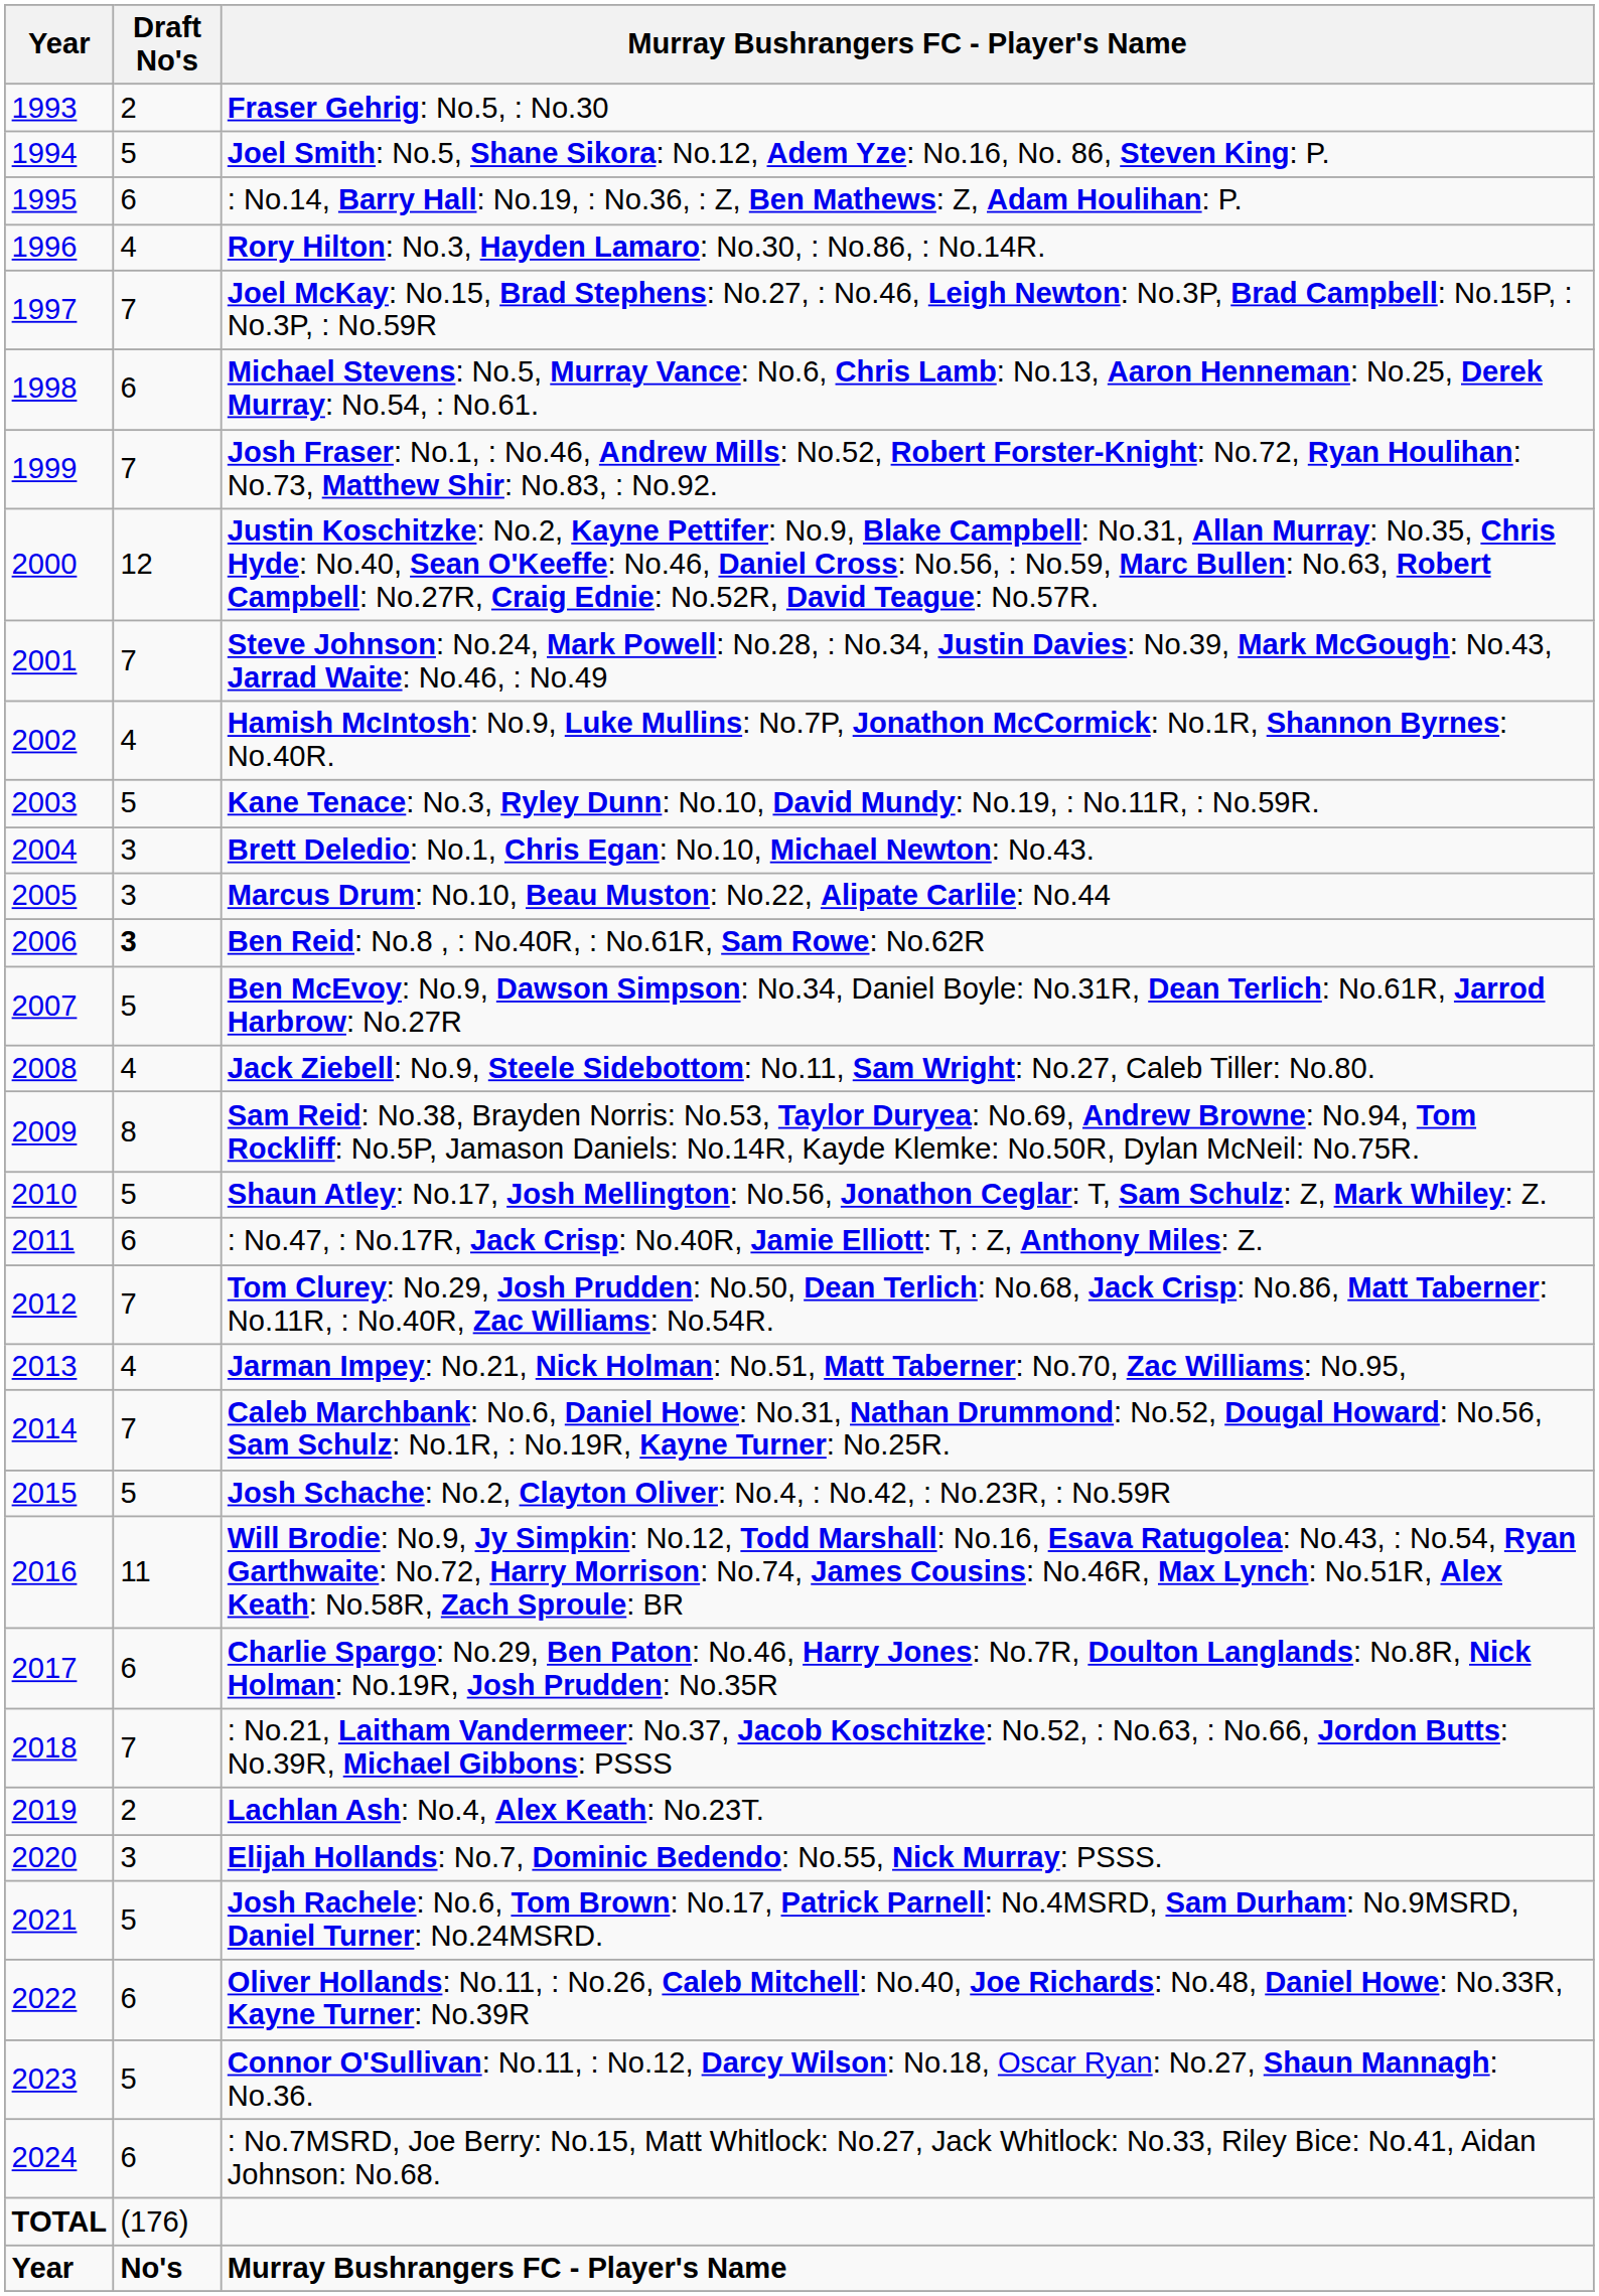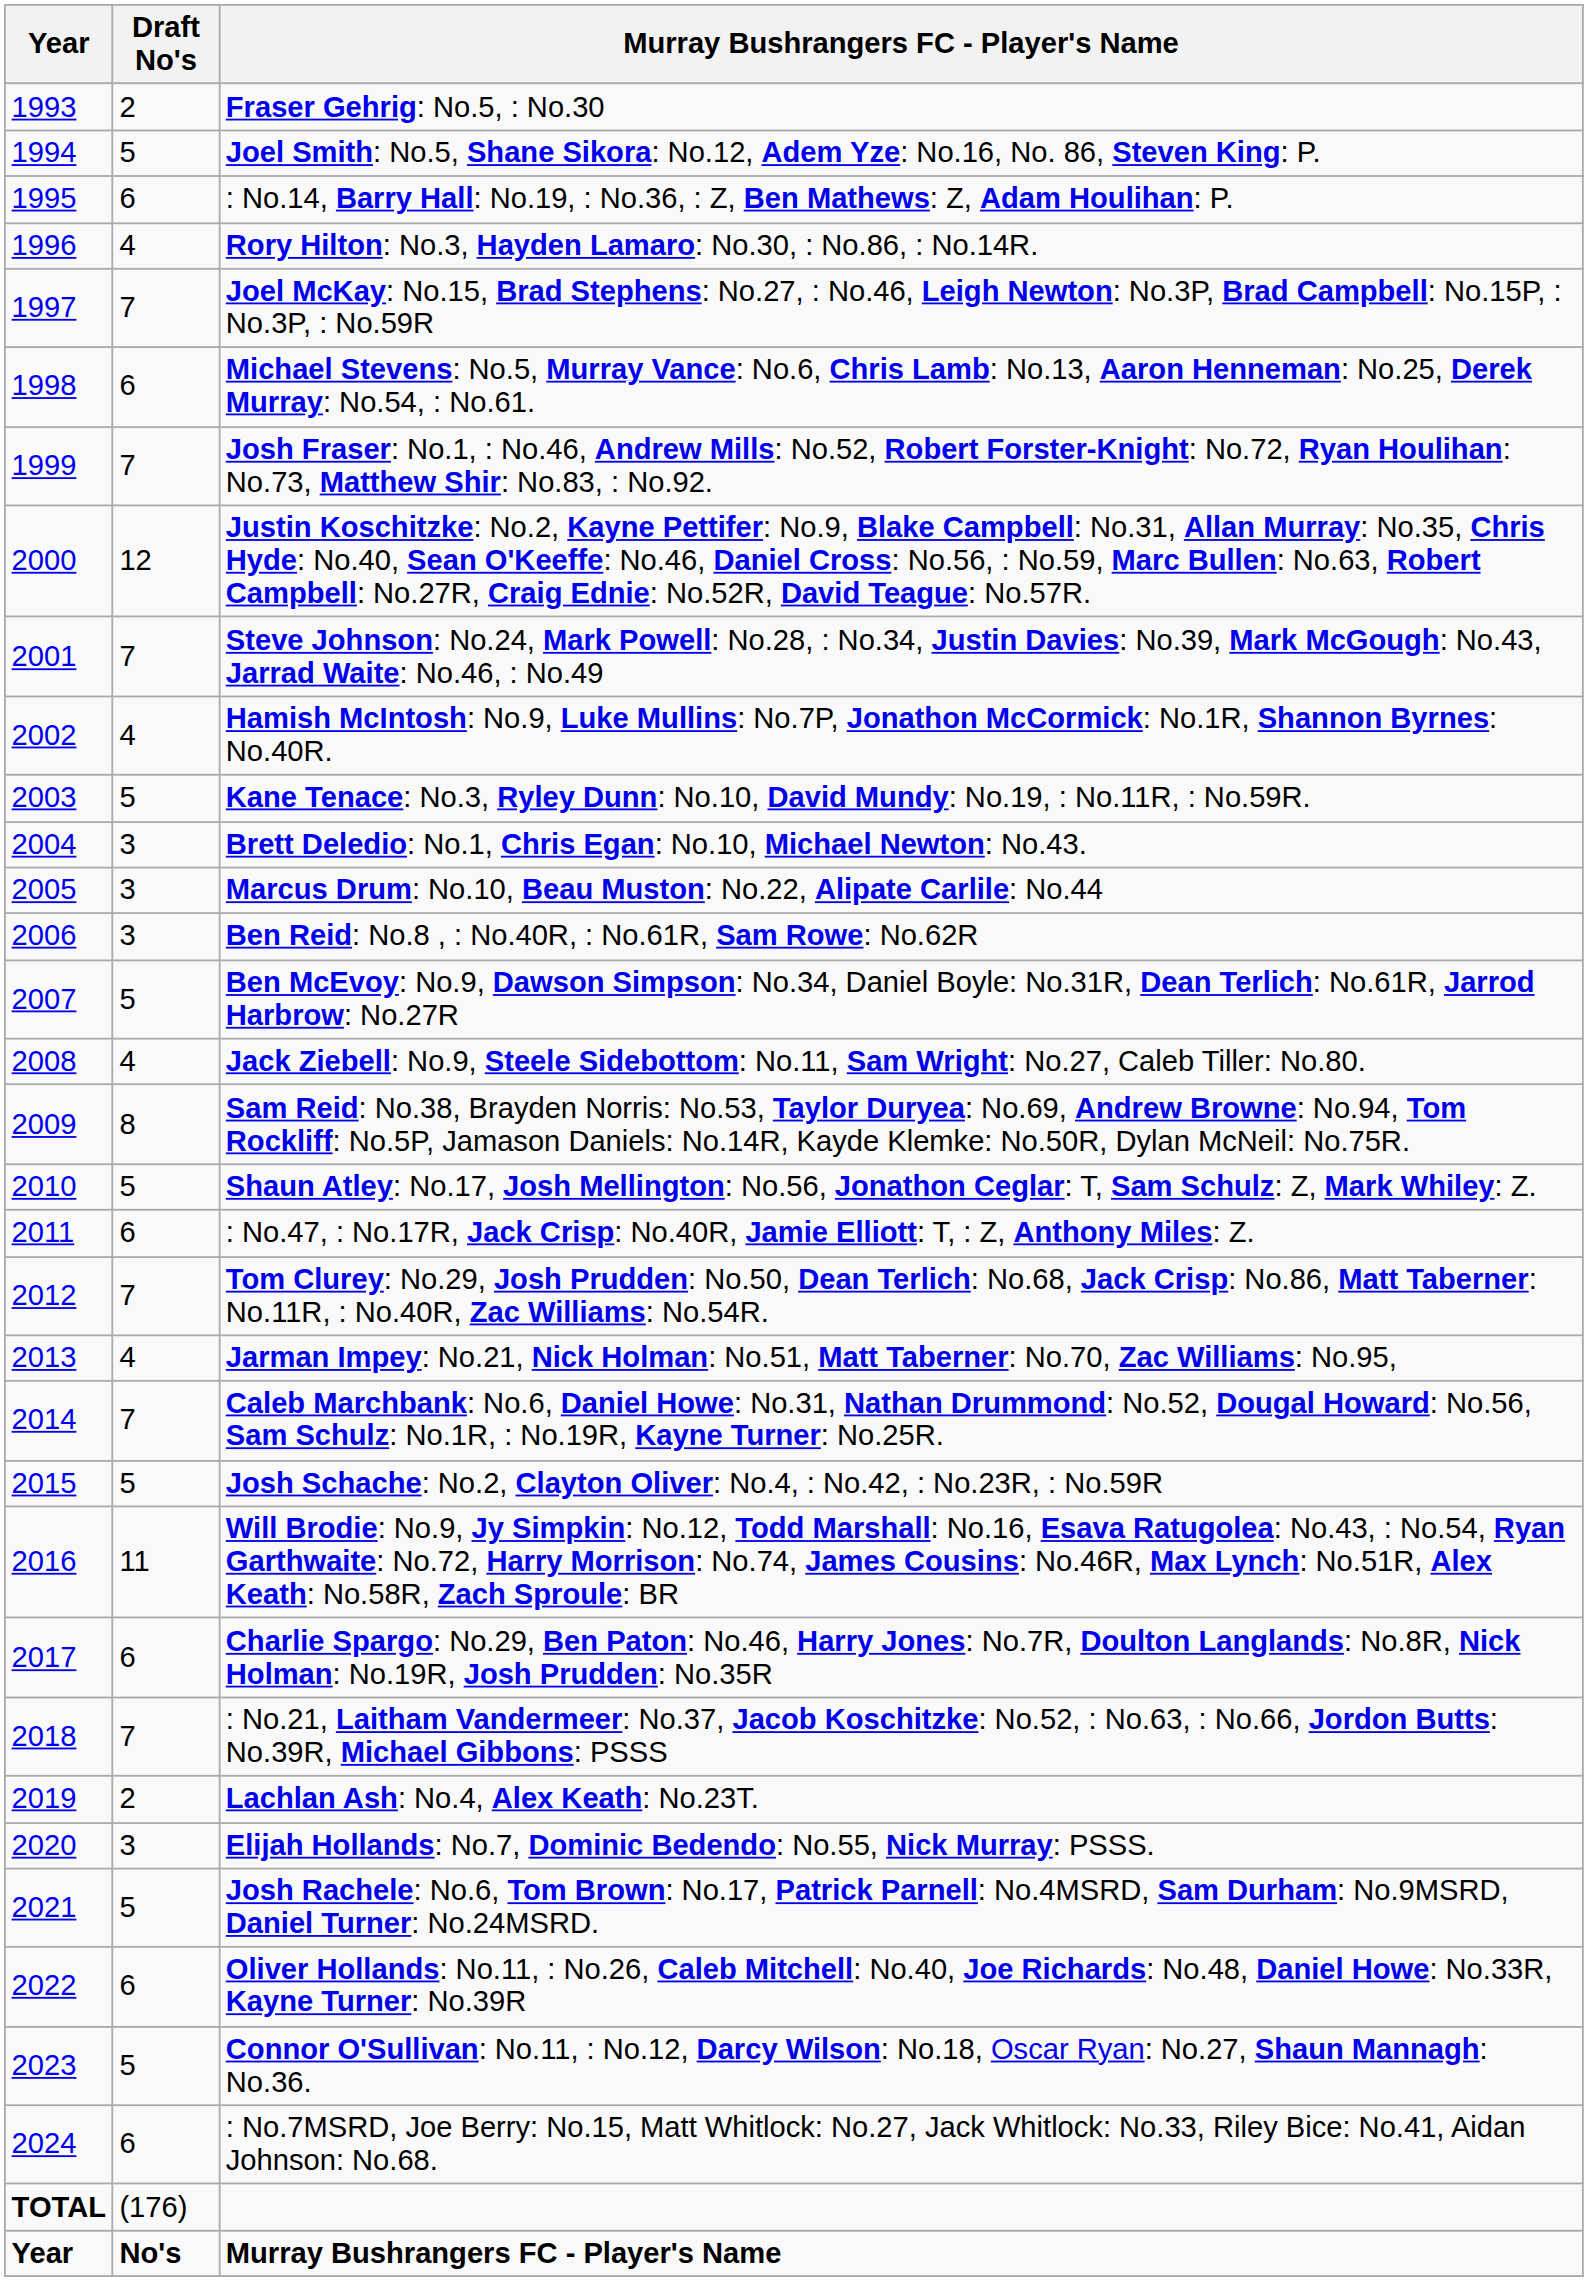 <table class="wikitable collapsible collapsed">
 <tr>
 <th><strong>Year</strong></th>
 <th><strong>Draft No's</strong></th>
 <th><span><strong>Murray Bushrangers FC - Player's Name</strong></span></th>
 </tr>
 <tr>
 <td><a href='#'>1993</a></td>
 <td>2</td>
 <td><strong><a href='#'>Fraser Gehrig</a></strong>: No.5, : No.30</td>
 </tr>
 <tr>
 <td><a href='#'>1994</a></td>
 <td>5</td>
 <td><strong><a href='#'>Joel Smith</a></strong>: No.5, <strong><a href='#'>Shane Sikora</a></strong>: No.12, <strong><a href='#'>Adem Yze</a></strong>: No.16,  No. 86, <strong><a href='#'>Steven King</a></strong>: P.</td>
 </tr>
 <tr>
 <td><a href='#'>1995</a></td>
 <td>6</td>
 <td>: No.14, <strong><a href='#'>Barry Hall</a></strong>: No.19, : No.36, : Z, <strong><a href='#'>Ben Mathews</a></strong>: Z, <strong><a href='#'>Adam Houlihan</a></strong>: P.</td>
 </tr>
 <tr>
 <td><a href='#'>1996</a></td>
 <td>4</td>
 <td><strong><a href='#'>Rory Hilton</a></strong>: No.3, <strong><a href='#'>Hayden Lamaro</a></strong>: No.30, : No.86, : No.14R.</td>
 </tr>
 <tr>
 <td><a href='#'>1997</a></td>
 <td>7</td>
 <td><strong><a href='#'>Joel McKay</a></strong>: No.15, <strong><a href='#'>Brad Stephens</a></strong>: No.27, : No.46, <strong><a href='#'>Leigh Newton</a></strong>: No.3P, <strong><a href='#'>Brad Campbell</a></strong>: No.15P, : No.3P,  : No.59R</td>
 </tr>
 <tr>
 <td><a href='#'>1998</a></td>
 <td>6</td>
 <td><strong><a href='#'>Michael Stevens</a></strong>: No.5, <strong><a href='#'>Murray Vance</a></strong>: No.6, <strong><a href='#'>Chris Lamb</a></strong>: No.13, <strong><a href='#'>Aaron Henneman</a></strong>: No.25, <strong><a href='#'>Derek Murray</a></strong>: No.54, : No.61.</td>
 </tr>
 <tr>
 <td><a href='#'>1999</a></td>
 <td>7</td>
 <td><strong><a href='#'>Josh Fraser</a></strong>: No.1, : No.46, <strong><a href='#'>Andrew Mills</a></strong>: No.52, <strong><a href='#'>Robert Forster-Knight</a></strong>: No.72, <strong><a href='#'>Ryan Houlihan</a></strong>: No.73, <strong><a href='#'>Matthew Shir</a></strong>: No.83, : No.92.</td>
 </tr>
 <tr>
 <td><a href='#'>2000</a></td>
 <td>12</td>
 <td><strong><a href='#'>Justin Koschitzke</a></strong>: No.2, <strong><a href='#'>Kayne Pettifer</a></strong>: No.9, <strong><a href='#'>Blake Campbell</a></strong>: No.31, <strong><a href='#'>Allan Murray</a></strong>: No.35, <strong><a href='#'>Chris Hyde</a></strong>: No.40, <strong><a href='#'>Sean O'Keeffe</a></strong>: No.46, <strong><a href='#'>Daniel Cross</a></strong>: No.56, : No.59, <strong><a href='#'>Marc Bullen</a></strong>: No.63, <strong><a href='#'>Robert Campbell</a></strong>: No.27R, <strong><a href='#'>Craig Ednie</a></strong>: No.52R, <strong><a href='#'>David Teague</a></strong>: No.57R.</td>
 </tr>
 <tr>
 <td><a href='#'>2001</a></td>
 <td>7</td>
 <td><strong><a href='#'>Steve Johnson</a></strong>: No.24, <strong><a href='#'>Mark Powell</a></strong>: No.28, : No.34, <strong><a href='#'>Justin Davies</a></strong>: No.39, <strong><a href='#'>Mark McGough</a></strong>: No.43, <strong><a href='#'>Jarrad Waite</a></strong>: No.46, : No.49</td>
 </tr>
 <tr>
 <td><a href='#'>2002</a></td>
 <td>4</td>
 <td><strong><a href='#'>Hamish McIntosh</a></strong>: No.9, <strong><a href='#'>Luke Mullins</a></strong>: No.7P, <strong><a href='#'>Jonathon McCormick</a></strong>: No.1R, <strong><a href='#'>Shannon Byrnes</a></strong>: No.40R.</td>
 </tr>
 <tr>
 <td><a href='#'>2003</a></td>
 <td>5</td>
 <td><strong><a href='#'>Kane Tenace</a></strong>: No.3, <strong><a href='#'>Ryley Dunn</a></strong>: No.10, <strong><a href='#'>David Mundy</a></strong>: No.19, : No.11R, : No.59R.</td>
 </tr>
 <tr>
 <td><a href='#'>2004</a></td>
 <td>3</td>
 <td><strong><a href='#'>Brett Deledio</a></strong>: No.1, <strong><a href='#'>Chris Egan</a></strong>: No.10, <strong><a href='#'>Michael Newton</a></strong>: No.43.</td>
 </tr>
 <tr>
 <td><a href='#'>2005</a></td>
 <td>3</td>
 <td><strong><a href='#'>Marcus Drum</a></strong>: No.10, <strong><a href='#'>Beau Muston</a></strong>: No.22, <strong><a href='#'>Alipate Carlile</a></strong>: No.44</td>
 </tr>
 <tr>
 <td><a href='#'>2006</a></td>
-<td><strong>3</strong></td>
+<td>3</td>
 <td><strong><a href='#'>Ben Reid</a></strong>: No.8 , : No.40R, : No.61R, <strong><a href='#'>Sam Rowe</a></strong>: No.62R</td>
 </tr>
 <tr>
 <td><a href='#'>2007</a></td>
 <td>5</td>
 <td><strong><a href='#'>Ben McEvoy</a></strong>: No.9, <strong><a href='#'>Dawson Simpson</a></strong>: No.34, Daniel Boyle: No.31R, <strong><a href='#'>Dean Terlich</a></strong>: No.61R, <strong><a href='#'>Jarrod Harbrow</a></strong>: No.27R</td>
 </tr>
 <tr>
 <td><a href='#'>2008</a></td>
 <td>4</td>
 <td><strong><a href='#'>Jack Ziebell</a></strong>: No.9, <strong><a href='#'>Steele Sidebottom</a></strong>: No.11, <strong><a href='#'>Sam Wright</a></strong>: No.27, Caleb Tiller: No.80.</td>
 </tr>
 <tr>
 <td><a href='#'>2009</a></td>
 <td>8</td>
 <td><strong><a href='#'>Sam Reid</a></strong>: No.38, Brayden Norris: No.53, <strong><a href='#'>Taylor Duryea</a></strong>: No.69, <strong><a href='#'>Andrew Browne</a></strong>: No.94, <strong><a href='#'>Tom Rockliff</a></strong>: No.5P, Jamason Daniels: No.14R,  Kayde Klemke: No.50R, Dylan McNeil: No.75R.</td>
 </tr>
 <tr>
 <td><a href='#'>2010</a></td>
 <td>5</td>
 <td><strong><a href='#'>Shaun Atley</a></strong>: No.17, <strong><a href='#'>Josh Mellington</a></strong>: No.56, <strong><a href='#'>Jonathon Ceglar</a></strong>: T, <strong><a href='#'>Sam Schulz</a></strong>: Z, <strong><a href='#'>Mark Whiley</a></strong>: Z.</td>
 </tr>
 <tr>
 <td><a href='#'>2011</a></td>
 <td>6</td>
 <td>: No.47, : No.17R, <strong><a href='#'>Jack Crisp</a></strong>: No.40R, <strong><a href='#'>Jamie Elliott</a></strong>: T, : Z, <strong><a href='#'>Anthony Miles</a></strong>: Z.</td>
 </tr>
 <tr>
 <td><a href='#'>2012</a></td>
 <td>7</td>
 <td><strong><a href='#'>Tom Clurey</a></strong>: No.29, <strong><a href='#'>Josh Prudden</a></strong>: No.50, <strong><a href='#'>Dean Terlich</a></strong>: No.68, <strong><a href='#'>Jack Crisp</a></strong>: No.86, <strong><a href='#'>Matt Taberner</a></strong>: No.11R, : No.40R, <strong><a href='#'>Zac Williams</a></strong>: No.54R.</td>
 </tr>
 <tr>
 <td><a href='#'>2013</a></td>
 <td>4</td>
 <td><strong><a href='#'>Jarman Impey</a></strong>: No.21, <strong><a href='#'>Nick Holman</a></strong>: No.51, <strong><a href='#'>Matt Taberner</a></strong>: No.70, <strong><a href='#'>Zac Williams</a></strong>: No.95,</td>
 </tr>
 <tr>
 <td><a href='#'>2014</a></td>
 <td>7</td>
 <td><strong><a href='#'>Caleb Marchbank</a></strong>: No.6, <strong><a href='#'>Daniel Howe</a></strong>: No.31, <strong><a href='#'>Nathan Drummond</a></strong>: No.52, <strong><a href='#'>Dougal Howard</a></strong>: No.56, <strong><a href='#'>Sam Schulz</a></strong>: No.1R, : No.19R, <strong><a href='#'>Kayne Turner</a></strong>: No.25R.</td>
 </tr>
 <tr>
 <td><a href='#'>2015</a></td>
 <td>5</td>
 <td><strong><a href='#'>Josh Schache</a></strong>: No.2, <strong><a href='#'>Clayton Oliver</a></strong>: No.4, : No.42, : No.23R, : No.59R</td>
 </tr>
 <tr>
 <td><a href='#'>2016</a></td>
 <td>11</td>
 <td><strong><a href='#'>Will Brodie</a></strong>: No.9, <strong><a href='#'>Jy Simpkin</a></strong>: No.12, <strong><a href='#'>Todd Marshall</a></strong>: No.16, <strong><a href='#'>Esava Ratugolea</a></strong>: No.43, : No.54, <strong><a href='#'>Ryan Garthwaite</a></strong>: No.72, <strong><a href='#'>Harry Morrison</a></strong>: No.74, <strong><a href='#'>James Cousins</a></strong>: No.46R, <strong><a href='#'>Max Lynch</a></strong>: No.51R,  <strong><a href='#'>Alex Keath</a></strong>: No.58R, <strong><a href='#'>Zach Sproule</a></strong>: BR</td>
 </tr>
 <tr>
 <td><a href='#'>2017</a></td>
 <td>6</td>
 <td><strong><a href='#'>Charlie Spargo</a></strong>: No.29, <strong><a href='#'>Ben Paton</a></strong>: No.46, <strong><a href='#'>Harry Jones</a></strong>: No.7R, <strong><a href='#'>Doulton Langlands</a></strong>: No.8R, <strong><a href='#'>Nick Holman</a></strong>: No.19R, <strong><a href='#'>Josh Prudden</a></strong>: No.35R</td>
 </tr>
 <tr>
 <td><a href='#'>2018</a></td>
 <td>7</td>
 <td>: No.21, <strong><a href='#'>Laitham Vandermeer</a></strong>: No.37, <strong><a href='#'>Jacob Koschitzke</a></strong>: No.52, : No.63, : No.66, <strong><a href='#'>Jordon Butts</a></strong>: No.39R, <strong><a href='#'>Michael Gibbons</a></strong>: PSSS</td>
 </tr>
 <tr>
 <td><a href='#'>2019</a></td>
 <td>2</td>
 <td><strong><a href='#'>Lachlan Ash</a></strong>: No.4, <strong><a href='#'>Alex Keath</a></strong>: No.23T.</td>
 </tr>
 <tr>
 <td><a href='#'>2020</a></td>
 <td>3</td>
 <td><strong><a href='#'>Elijah Hollands</a></strong>: No.7, <strong><a href='#'>Dominic Bedendo</a></strong>: No.55, <strong><a href='#'>Nick Murray</a></strong>: PSSS.</td>
 </tr>
 <tr>
 <td><a href='#'>2021</a></td>
 <td>5</td>
 <td><strong><a href='#'>Josh Rachele</a></strong>: No.6, <strong><a href='#'>Tom Brown</a></strong>: No.17, <strong><a href='#'>Patrick Parnell</a></strong>: No.4MSRD, <strong><a href='#'>Sam Durham</a></strong>: No.9MSRD, <strong><a href='#'>Daniel Turner</a></strong>: No.24MSRD.</td>
 </tr>
 <tr>
 <td><a href='#'>2022</a></td>
 <td>6</td>
 <td><strong><a href='#'>Oliver Hollands</a></strong>: No.11, : No.26, <strong><a href='#'>Caleb Mitchell</a></strong>: No.40, <strong><a href='#'>Joe Richards</a></strong>: No.48, <strong><a href='#'>Daniel Howe</a></strong>: No.33R, <strong><a href='#'>Kayne Turner</a></strong>: No.39R</td>
 </tr>
 <tr>
 <td><a href='#'>2023</a></td>
 <td>5</td>
 <td><strong><a href='#'>Connor O'Sullivan</a></strong>: No.11, : No.12, <strong><a href='#'>Darcy Wilson</a></strong>: No.18, <a href='#'>Oscar Ryan</a>: No.27, <strong><a href='#'>Shaun Mannagh</a></strong>: No.36.</td>
 </tr>
 <tr>
 <td><a href='#'>2024</a></td>
 <td>6</td>
 <td>: No.7MSRD, Joe Berry: No.15, Matt Whitlock: No.27, Jack Whitlock: No.33, Riley Bice: No.41, Aidan Johnson: No.68.</td>
 </tr>
 <tr>
 <td><strong>TOTAL</strong></td>
 <td>(176)</td>
 <td></td>
 </tr>
 <tr>
 <td><strong>Year</strong></td>
 <td><strong>No's</strong></td>
 <td><span><strong>Murray Bushrangers FC - Player's Name</strong></span></td>
 </tr>
 <tr>
 </tr>
 </table>
